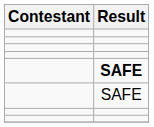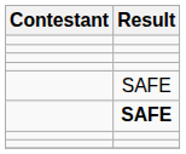 <table class="wikitable" style="font-size:100%; text-align:center"|+>
 <tr>
 <th>Contestant</th>
 <th>Result</th>
 </tr>
 <tr>
 <td></td>
 <td></td>
 </tr>
 <tr>
 <td></td>
 <td></td>
 </tr>
 <tr>
 <td></td>
 <td></td>
 </tr>
 <tr>
 <td></td>
 <td></td>
 </tr>
 <tr>
 <td></td>
-<td><strong>SAFE</strong></td>
+<td>SAFE</td>
 </tr>
 <tr>
 <td></td>
-<td>SAFE</td>
+<td><strong>SAFE</strong></td>
 </tr>
 <tr>
 <td></td>
 <td></td>
 </tr>
 <tr>
 <td></td>
 <td></td>
 </tr>
 <tr>
 </tr>
 </table>
